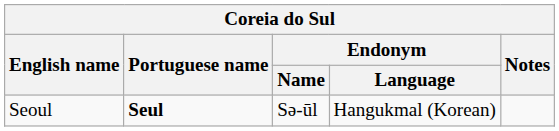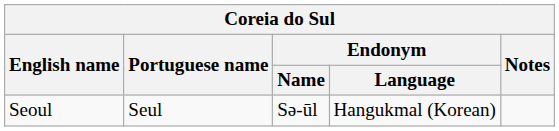 <table class="wikitable sortable">
 <tr>
 <th colspan="5"> Coreia do Sul</th>
 </tr>
 <tr>
 <th rowspan="2">English name</th>
 <th rowspan="2">Portuguese name</th>
 <th colspan="2">Endonym</th>
 <th rowspan="2">Notes</th>
 </tr>
 <tr>
 <th>Name</th>
 <th>Language</th>
 </tr>
 <tr>
 <td>Seoul</td>
-<td><strong>Seul</strong></td>
+<td>Seul</td>
 <td>Sǝ-ūl</td>
 <td>Hangukmal (Korean)</td>
 <td></td>
 </tr>
 </table>
